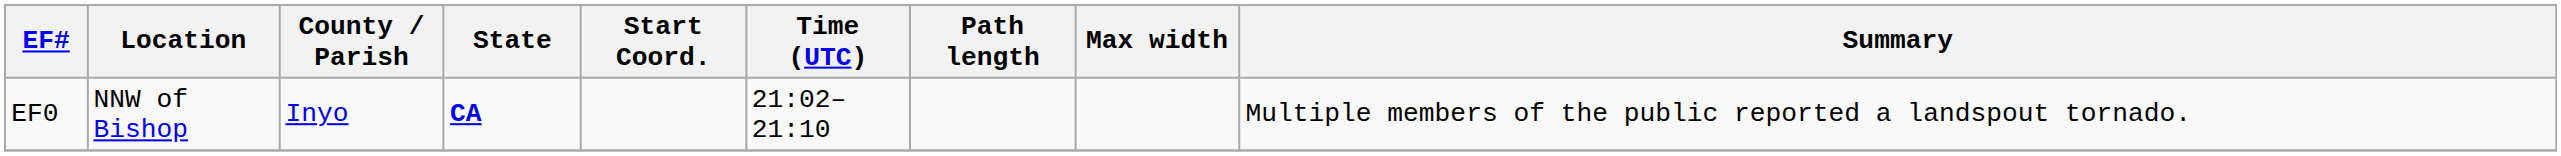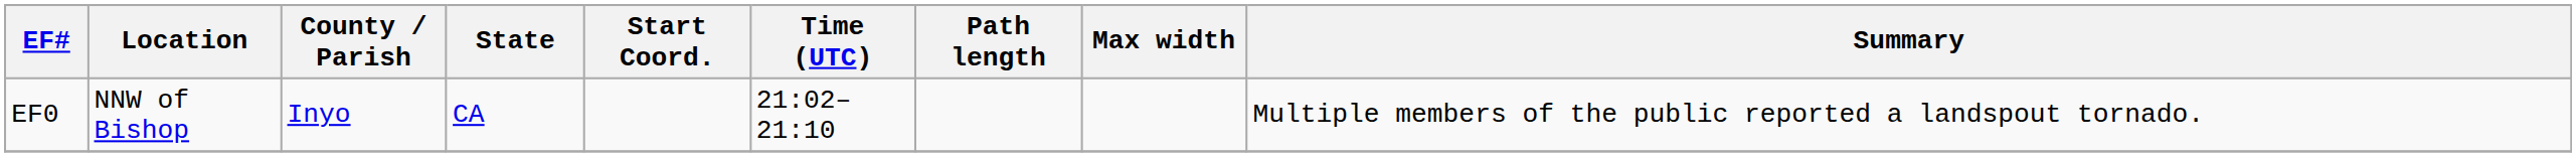 <table class="wikitable sortable" style="width:100%;">
 <tr>
 <th scope="col"  style="width:3%; text-align:center;"><a href='#'>EF#</a></th>
 <th scope="col"  style="width:7%; text-align:center;" class="unsortable">Location</th>
 <th scope="col"  style="width:6%; text-align:center;" class="unsortable">County / Parish</th>
 <th scope="col"  style="width:5%; text-align:center;">State</th>
 <th scope="col"  style="width:6%; text-align:center;">Start Coord.</th>
 <th scope="col"  style="width:6%; text-align:center;">Time (<a href='#'>UTC</a>)</th>
 <th scope="col"  style="width:6%; text-align:center;">Path length</th>
 <th scope="col"  style="width:6%; text-align:center;">Max width</th>
 <th scope="col" class="unsortable" style="width:48%; text-align:center;">Summary</th>
 </tr>
 <tr>
 <td bgcolor=>EF0</td>
 <td>NNW of <a href='#'>Bishop</a></td>
 <td><a href='#'>Inyo</a></td>
-<td><strong><a href='#'>CA</a></strong></td>
+<td><a href='#'>CA</a></td>
 <td></td>
 <td>21:02–21:10</td>
 <td></td>
 <td></td>
 <td>Multiple members of the public reported a landspout tornado.</td>
 </tr>
 <tr>
 </tr>
 </table>
